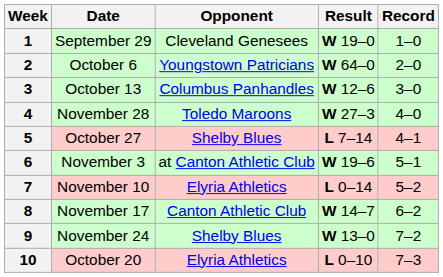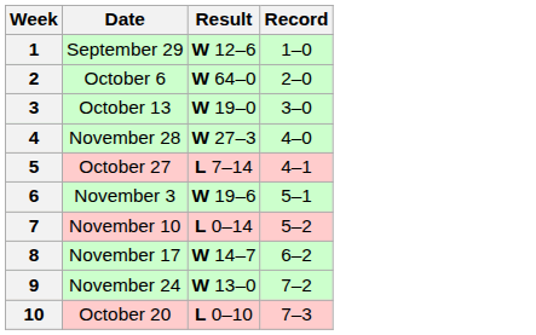 <table class="wikitable" style="text-align:center">
 <tr>
 <th>Week</th>
 <th>Date</th>
-<th>Opponent</th>
 <th>Result</th>
 <th>Record</th>
 </tr>
 <tr style="background:#cfc">
 <th>1</th>
 <td>September 29</td>
-<td>Cleveland Genesees</td>
-<td><strong>W</strong> 19–0</td>
+<td><strong>W</strong> 12–6</td>
 <td>1–0</td>
 </tr>
 <tr style="background:#cfc">
 <th>2</th>
 <td>October 6</td>
-<td><a href='#'>Youngstown Patricians</a></td>
 <td><strong>W</strong> 64–0</td>
 <td>2–0</td>
 </tr>
 <tr style="background:#cfc">
 <th>3</th>
 <td>October 13</td>
-<td><a href='#'>Columbus Panhandles</a></td>
-<td><strong>W</strong> 12–6</td>
+<td><strong>W</strong> 19–0</td>
 <td>3–0</td>
 </tr>
 <tr style="background:#cfc">
 <th>4</th>
 <td>November 28</td>
-<td><a href='#'>Toledo Maroons</a></td>
 <td><strong>W</strong> 27–3</td>
 <td>4–0</td>
 </tr>
 <tr style="background:#fcc">
 <th>5</th>
 <td>October 27</td>
-<td><a href='#'>Shelby Blues</a></td>
 <td><strong>L</strong> 7–14</td>
 <td>4–1</td>
 </tr>
 <tr style="background:#cfc">
 <th>6</th>
 <td>November 3</td>
-<td>at <a href='#'>Canton Athletic Club</a></td>
 <td><strong>W</strong> 19–6</td>
 <td>5–1</td>
 </tr>
 <tr style="background:#fcc">
 <th>7</th>
 <td>November 10</td>
-<td><a href='#'>Elyria Athletics</a></td>
 <td><strong>L</strong> 0–14</td>
 <td>5–2</td>
 </tr>
 <tr style="background:#cfc">
 <th>8</th>
 <td>November 17</td>
-<td><a href='#'>Canton Athletic Club</a></td>
 <td><strong>W</strong> 14–7</td>
 <td>6–2</td>
 </tr>
 <tr style="background:#cfc">
 <th>9</th>
 <td>November 24</td>
-<td><a href='#'>Shelby Blues</a></td>
 <td><strong>W</strong> 13–0</td>
 <td>7–2</td>
 </tr>
 <tr style="background:#fcc">
 <th>10</th>
 <td>October 20</td>
-<td><a href='#'>Elyria Athletics</a></td>
 <td><strong>L</strong> 0–10</td>
 <td>7–3</td>
 </tr>
 </table>
